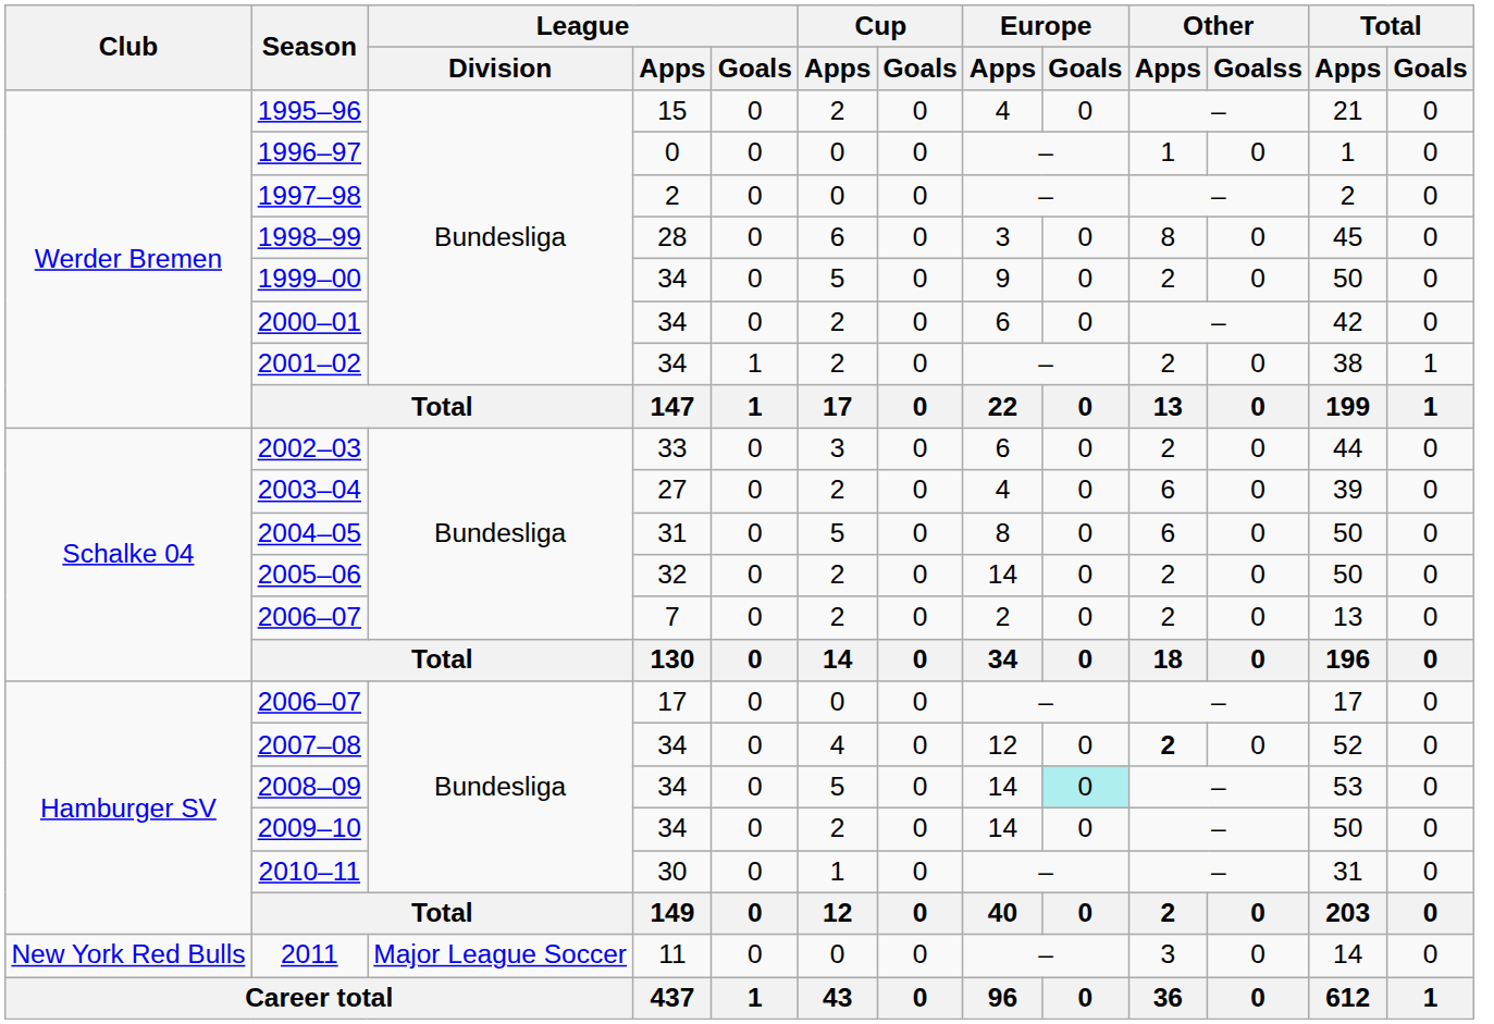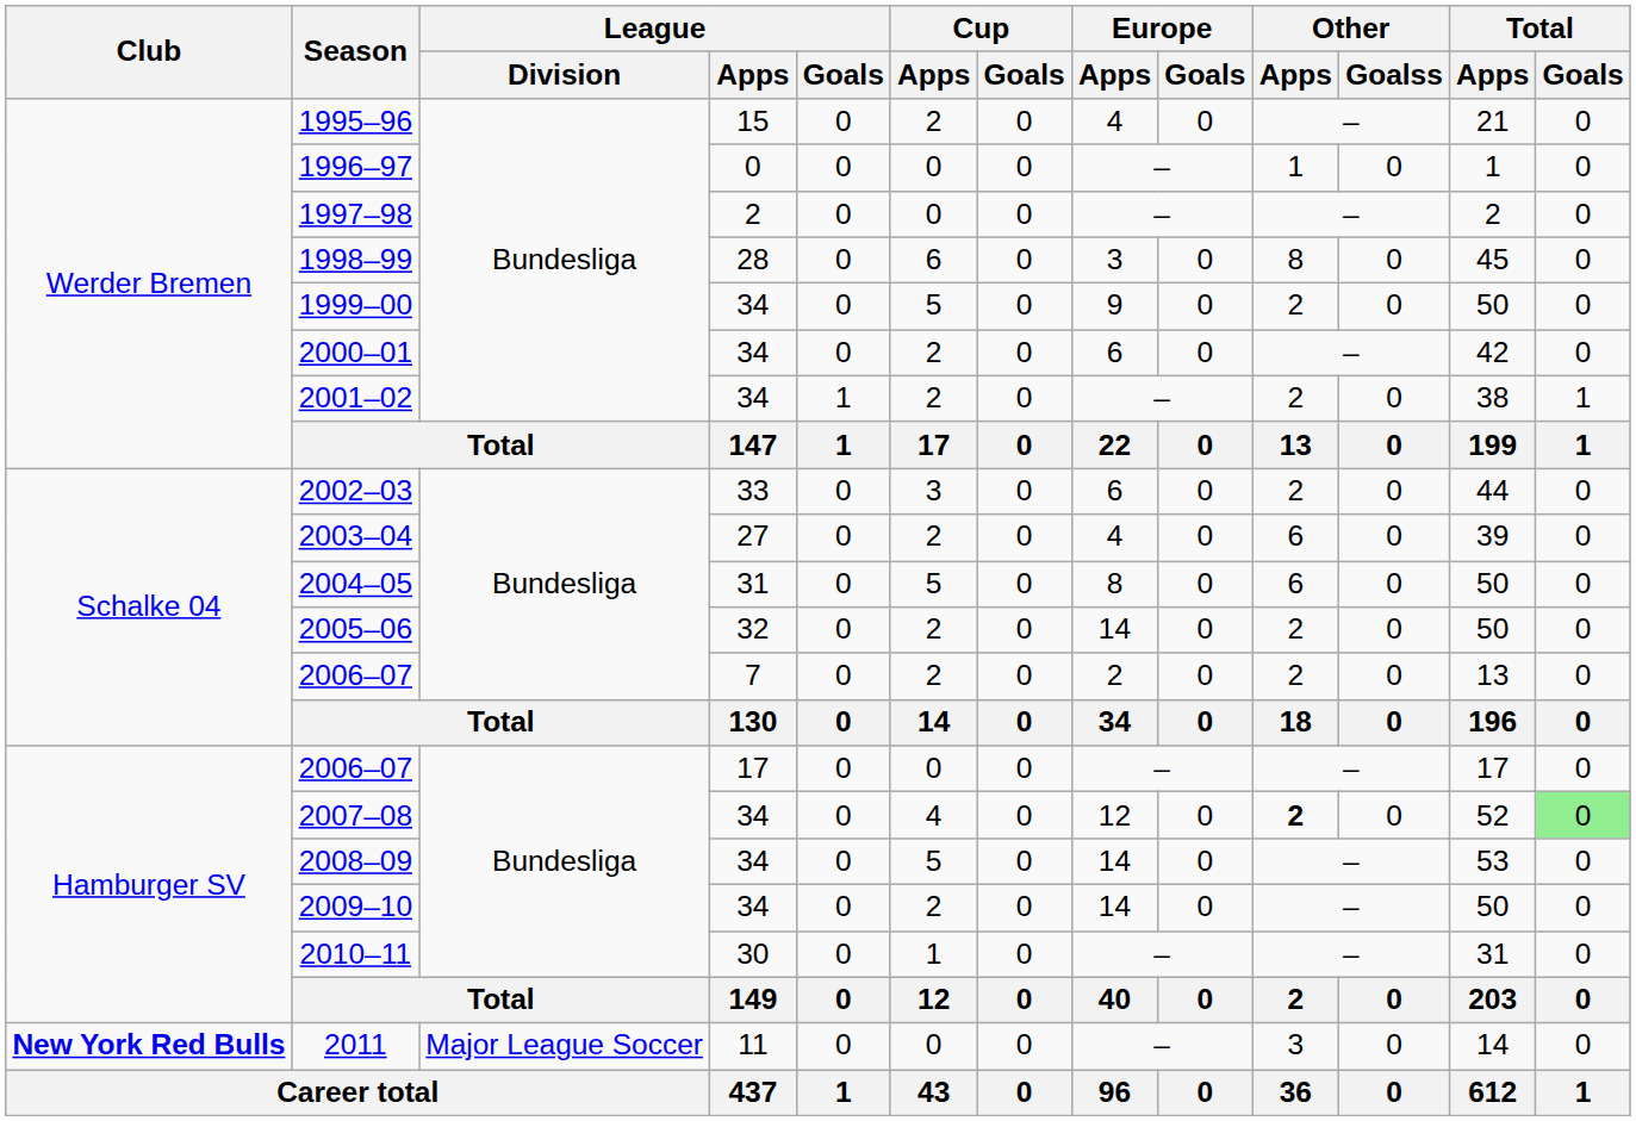 <table class="wikitable" style="text-align: center;">
 <tr>
 <th rowspan="2">Club</th>
 <th rowspan="2">Season</th>
 <th colspan="3">League</th>
 <th colspan="2">Cup</th>
 <th colspan="2">Europe</th>
 <th colspan="2">Other</th>
 <th colspan="2">Total</th>
 </tr>
 <tr>
 <th>Division</th>
 <th>Apps</th>
 <th>Goals</th>
 <th>Apps</th>
 <th>Goals</th>
 <th>Apps</th>
 <th>Goals</th>
 <th>Apps</th>
 <th>Goalss</th>
 <th>Apps</th>
 <th>Goals</th>
 </tr>
 <tr>
 <td rowspan="8"><a href='#'>Werder Bremen</a></td>
 <td><a href='#'>1995–96</a></td>
 <td rowspan="7">Bundesliga</td>
 <td>15</td>
 <td>0</td>
 <td>2</td>
 <td>0</td>
 <td>4</td>
 <td>0</td>
 <td colspan=2>–</td>
 <td>21</td>
 <td>0</td>
 </tr>
 <tr>
 <td><a href='#'>1996–97</a></td>
 <td>0</td>
 <td>0</td>
 <td>0</td>
 <td>0</td>
 <td colspan=2>–</td>
 <td>1</td>
 <td>0</td>
 <td>1</td>
 <td>0</td>
 </tr>
 <tr>
 <td><a href='#'>1997–98</a></td>
 <td>2</td>
 <td>0</td>
 <td>0</td>
 <td>0</td>
 <td colspan=2>–</td>
 <td colspan=2>–</td>
 <td>2</td>
 <td>0</td>
 </tr>
 <tr>
 <td><a href='#'>1998–99</a></td>
 <td>28</td>
 <td>0</td>
 <td>6</td>
 <td>0</td>
 <td>3</td>
 <td>0</td>
 <td>8</td>
 <td>0</td>
 <td>45</td>
 <td>0</td>
 </tr>
 <tr>
 <td><a href='#'>1999–00</a></td>
 <td>34</td>
 <td>0</td>
 <td>5</td>
 <td>0</td>
 <td>9</td>
 <td>0</td>
 <td>2</td>
 <td>0</td>
 <td>50</td>
 <td>0</td>
 </tr>
 <tr>
 <td><a href='#'>2000–01</a></td>
 <td>34</td>
 <td>0</td>
 <td>2</td>
 <td>0</td>
 <td>6</td>
 <td>0</td>
 <td colspan=2>–</td>
 <td>42</td>
 <td>0</td>
 </tr>
 <tr>
 <td><a href='#'>2001–02</a></td>
 <td>34</td>
 <td>1</td>
 <td>2</td>
 <td>0</td>
 <td colspan=2>–</td>
 <td>2</td>
 <td>0</td>
 <td>38</td>
 <td>1</td>
 </tr>
 <tr>
 <th colspan="2">Total</th>
 <th>147</th>
 <th>1</th>
 <th>17</th>
 <th>0</th>
 <th>22</th>
 <th>0</th>
 <th>13</th>
 <th>0</th>
 <th>199</th>
 <th>1</th>
 </tr>
 <tr>
 <td rowspan="6"><a href='#'>Schalke 04</a></td>
 <td><a href='#'>2002–03</a></td>
 <td rowspan="5">Bundesliga</td>
 <td>33</td>
 <td>0</td>
 <td>3</td>
 <td>0</td>
 <td>6</td>
 <td>0</td>
 <td>2</td>
 <td>0</td>
 <td>44</td>
 <td>0</td>
 </tr>
 <tr>
 <td><a href='#'>2003–04</a></td>
 <td>27</td>
 <td>0</td>
 <td>2</td>
 <td>0</td>
 <td>4</td>
 <td>0</td>
 <td>6</td>
 <td>0</td>
 <td>39</td>
 <td>0</td>
 </tr>
 <tr>
 <td><a href='#'>2004–05</a></td>
 <td>31</td>
 <td>0</td>
 <td>5</td>
 <td>0</td>
 <td>8</td>
 <td>0</td>
 <td>6</td>
 <td>0</td>
 <td>50</td>
 <td>0</td>
 </tr>
 <tr>
 <td><a href='#'>2005–06</a></td>
 <td>32</td>
 <td>0</td>
 <td>2</td>
 <td>0</td>
 <td>14</td>
 <td>0</td>
 <td>2</td>
 <td>0</td>
 <td>50</td>
 <td>0</td>
 </tr>
 <tr>
 <td><a href='#'>2006–07</a></td>
 <td>7</td>
 <td>0</td>
 <td>2</td>
 <td>0</td>
 <td>2</td>
 <td>0</td>
 <td>2</td>
 <td>0</td>
 <td>13</td>
 <td>0</td>
 </tr>
 <tr>
 <th colspan="2">Total</th>
 <th>130</th>
 <th>0</th>
 <th>14</th>
 <th>0</th>
 <th>34</th>
 <th>0</th>
 <th>18</th>
 <th>0</th>
 <th>196</th>
 <th>0</th>
 </tr>
 <tr>
 <td rowspan="6"><a href='#'>Hamburger SV</a></td>
 <td><a href='#'>2006–07</a></td>
 <td rowspan="5">Bundesliga</td>
 <td>17</td>
 <td>0</td>
 <td>0</td>
 <td>0</td>
 <td colspan=2>–</td>
 <td colspan=2>–</td>
 <td>17</td>
 <td>0</td>
 </tr>
 <tr>
 <td><a href='#'>2007–08</a></td>
 <td>34</td>
 <td>0</td>
 <td>4</td>
 <td>0</td>
 <td>12</td>
 <td>0</td>
 <td><strong>2</strong></td>
 <td>0</td>
 <td>52</td>
-<td>0</td>
+<td style="background: lightgreen;">0</td>
 </tr>
 <tr>
 <td><a href='#'>2008–09</a></td>
 <td>34</td>
 <td>0</td>
 <td>5</td>
 <td>0</td>
 <td>14</td>
-<td style="background: paleturquoise;">0</td>
+<td>0</td>
 <td colspan=2>–</td>
 <td>53</td>
 <td>0</td>
 </tr>
 <tr>
 <td><a href='#'>2009–10</a></td>
 <td>34</td>
 <td>0</td>
 <td>2</td>
 <td>0</td>
 <td>14</td>
 <td>0</td>
 <td colspan=2>–</td>
 <td>50</td>
 <td>0</td>
 </tr>
 <tr>
 <td><a href='#'>2010–11</a></td>
 <td>30</td>
 <td>0</td>
 <td>1</td>
 <td>0</td>
 <td colspan=2>–</td>
 <td colspan=2>–</td>
 <td>31</td>
 <td>0</td>
 </tr>
 <tr>
 <th colspan="2">Total</th>
 <th>149</th>
 <th>0</th>
 <th>12</th>
 <th>0</th>
 <th>40</th>
 <th>0</th>
 <th>2</th>
 <th>0</th>
 <th>203</th>
 <th>0</th>
 </tr>
 <tr>
-<td><a href='#'>New York Red Bulls</a></td>
+<td><strong><a href='#'>New York Red Bulls</a></strong></td>
 <td><a href='#'>2011</a></td>
 <td><a href='#'>Major League Soccer</a></td>
 <td>11</td>
 <td>0</td>
 <td>0</td>
 <td>0</td>
 <td colspan=2>–</td>
 <td>3</td>
 <td>0</td>
 <td>14</td>
 <td>0</td>
 </tr>
 <tr>
 <th colspan="3">Career total</th>
 <th>437</th>
 <th>1</th>
 <th>43</th>
 <th>0</th>
 <th>96</th>
 <th>0</th>
 <th>36</th>
 <th>0</th>
 <th>612</th>
 <th>1</th>
 </tr>
 </table>
